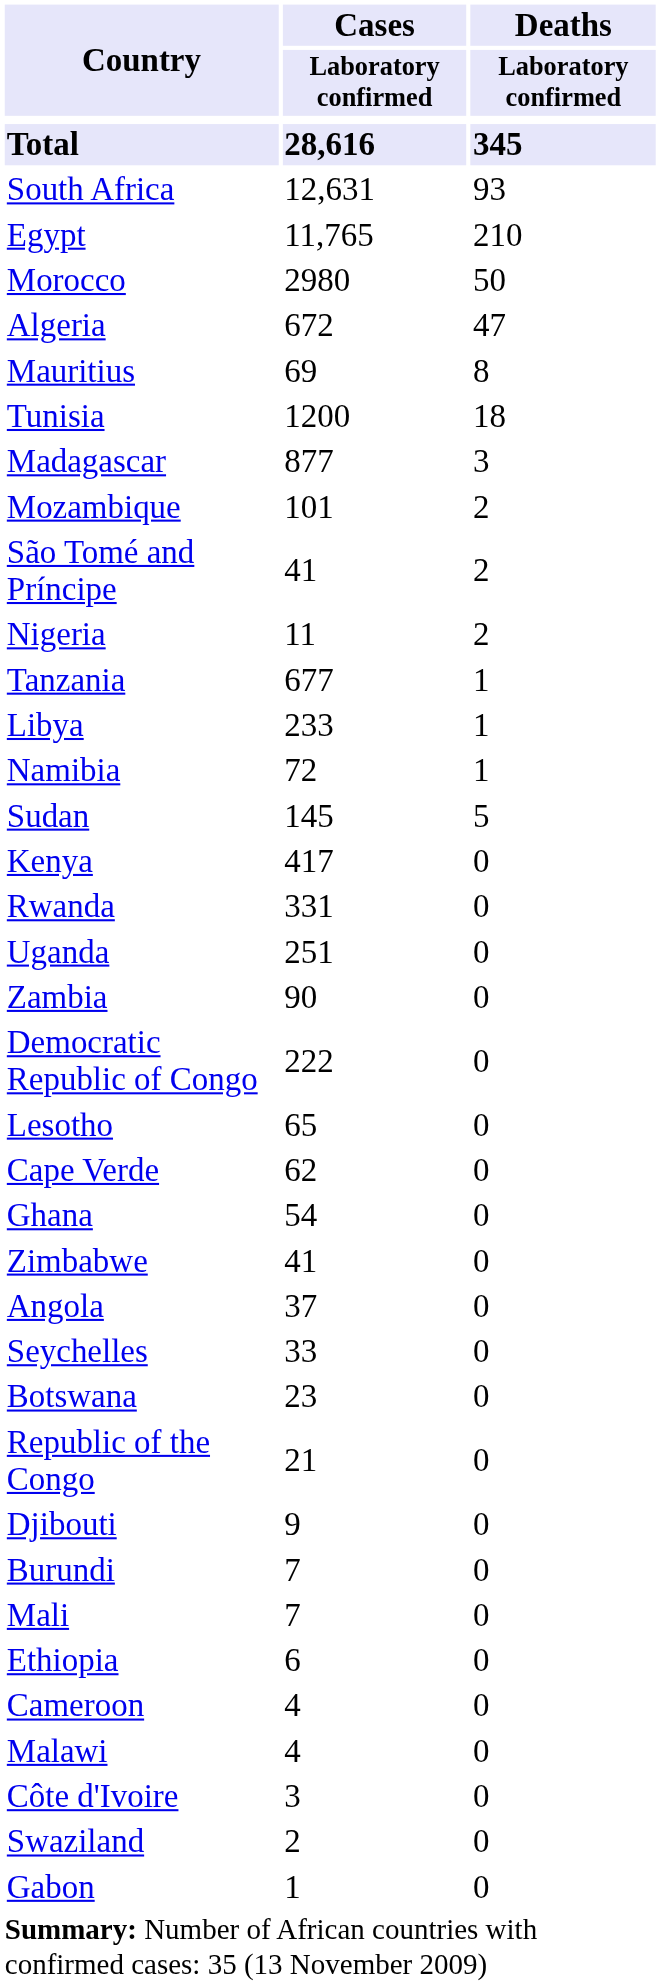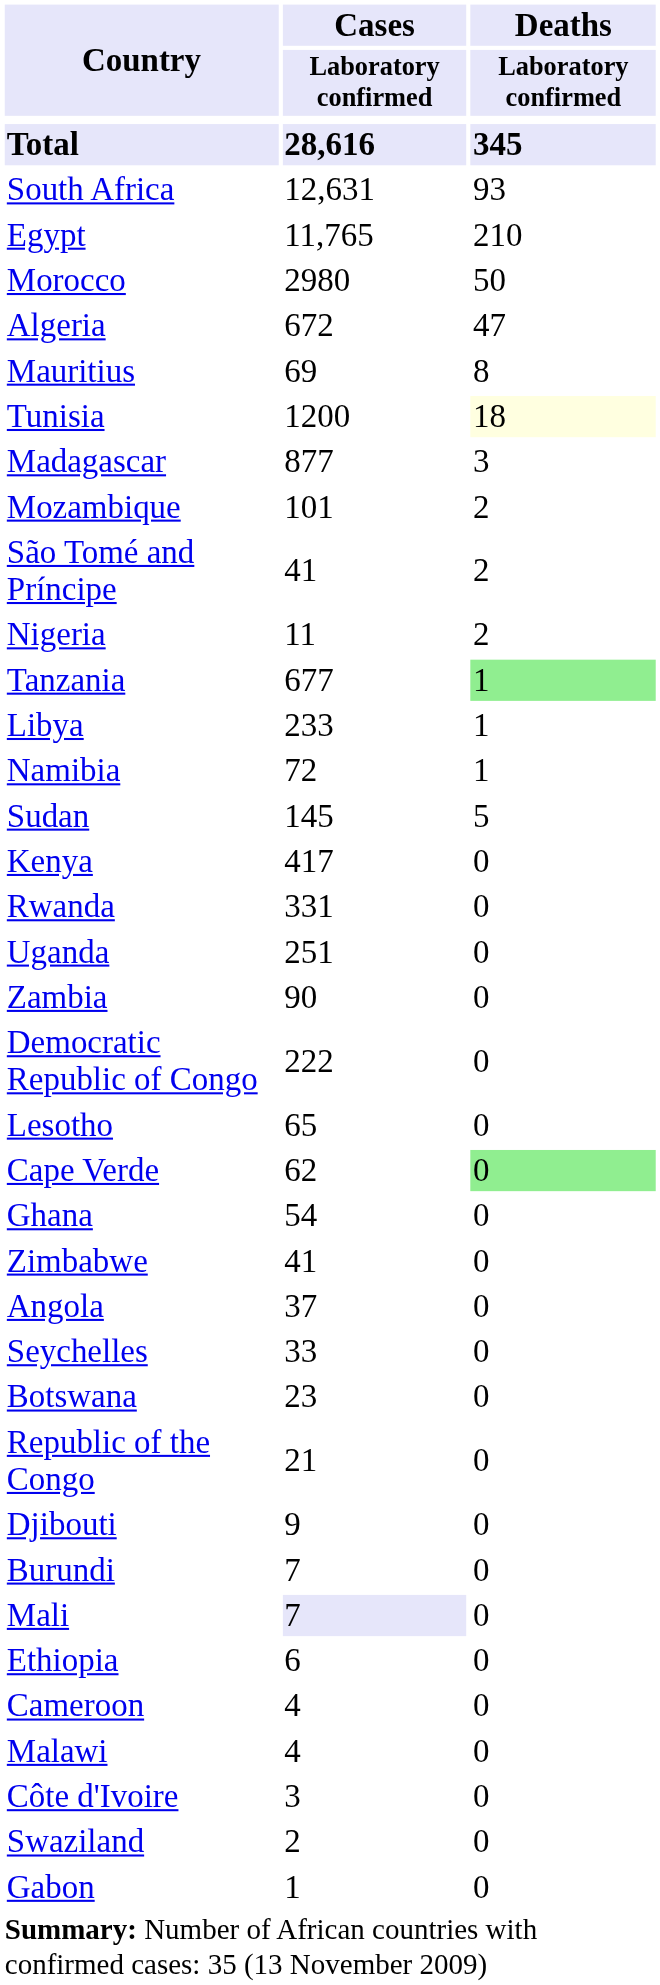 <table class="toccolours" style="float:right; clear:right; margin: 0.5em 0 0.5em 1em; width:20em">
 <tr style="background:lavender">
 <th rowspan="2">Country</th>
 <th>Cases</th>
 <th>Deaths</th>
 </tr>
 <tr style="background:lavender;font-size:80%">
 <th>Laboratory confirmed</th>
 <th>Laboratory confirmed</th>
 </tr>
 <tr>
 </tr>
 <tr style="font-weight:bold">
 <td style="background:lavender;">Total</td>
 <td style="background:lavender;">28,616</td>
 <td style="background:lavender;">345</td>
 </tr>
 <tr>
 <td style="text-align:left"><a href='#'>South Africa</a></td>
 <td>12,631</td>
 <td>93</td>
 </tr>
 <tr>
 <td style="text-align:left"><a href='#'>Egypt</a></td>
 <td>11,765</td>
 <td>210</td>
 </tr>
 <tr>
 <td style="text-align:left"><a href='#'>Morocco</a></td>
 <td>2980</td>
 <td>50</td>
 </tr>
 <tr>
 <td style="text-align:left"><a href='#'>Algeria</a></td>
 <td>672</td>
 <td>47</td>
 </tr>
 <tr>
 <td style="text-align:left"><a href='#'>Mauritius</a></td>
 <td>69</td>
 <td>8</td>
 </tr>
 <tr>
 <td style="text-align:left"><a href='#'>Tunisia</a></td>
 <td>1200</td>
-<td>18</td>
+<td style="background: lightyellow;">18</td>
 </tr>
 <tr>
 <td style="text-align:left"><a href='#'>Madagascar</a></td>
 <td>877</td>
 <td>3</td>
 </tr>
 <tr>
 <td style="text-align:left"><a href='#'>Mozambique</a></td>
 <td>101</td>
 <td>2</td>
 </tr>
 <tr>
 <td style="text-align:left"><a href='#'>São Tomé and Príncipe</a></td>
 <td>41</td>
 <td>2</td>
 </tr>
 <tr>
 <td style="text-align:left"><a href='#'>Nigeria</a></td>
 <td>11</td>
 <td>2</td>
 </tr>
 <tr>
 <td style="text-align:left"><a href='#'>Tanzania</a></td>
 <td>677</td>
-<td>1</td>
+<td style="background: lightgreen;">1</td>
 </tr>
 <tr>
 <td style="text-align:left"><a href='#'>Libya</a></td>
 <td>233</td>
 <td>1</td>
 </tr>
 <tr>
 <td style="text-align:left"><a href='#'>Namibia</a></td>
 <td>72</td>
 <td>1</td>
 </tr>
 <tr>
 <td style="text-align:left"><a href='#'>Sudan</a></td>
 <td>145</td>
 <td>5</td>
 </tr>
 <tr>
 <td style="text-align:left"><a href='#'>Kenya</a></td>
 <td>417</td>
 <td>0</td>
 </tr>
 <tr>
 <td style="text-align:left"><a href='#'>Rwanda</a></td>
 <td>331</td>
 <td>0</td>
 </tr>
 <tr>
 <td style="text-align:left"><a href='#'>Uganda</a></td>
 <td>251</td>
 <td>0</td>
 </tr>
 <tr>
 <td style="text-align:left"><a href='#'>Zambia</a></td>
 <td>90</td>
 <td>0</td>
 </tr>
 <tr>
 <td style="text-align:left"><a href='#'>Democratic Republic of Congo</a></td>
 <td>222</td>
 <td>0</td>
 </tr>
 <tr>
 <td style="text-align:left"><a href='#'>Lesotho</a></td>
 <td>65</td>
 <td>0</td>
 </tr>
 <tr>
 <td style="text-align:left"><a href='#'>Cape Verde</a></td>
 <td>62</td>
-<td>0</td>
+<td style="background: lightgreen;">0</td>
 </tr>
 <tr>
 <td style="text-align:left"><a href='#'>Ghana</a></td>
 <td>54</td>
 <td>0</td>
 </tr>
 <tr>
 <td style="text-align:left"><a href='#'>Zimbabwe</a></td>
 <td>41</td>
 <td>0</td>
 </tr>
 <tr>
 <td style="text-align:left"><a href='#'>Angola</a></td>
 <td>37</td>
 <td>0</td>
 </tr>
 <tr>
 <td style="text-align:left"><a href='#'>Seychelles</a></td>
 <td>33</td>
 <td>0</td>
 </tr>
 <tr>
 <td style="text-align:left"><a href='#'>Botswana</a></td>
 <td>23</td>
 <td>0</td>
 </tr>
 <tr>
 <td style="text-align:left"><a href='#'>Republic of the Congo</a></td>
 <td>21</td>
 <td>0</td>
 </tr>
 <tr>
 <td style="text-align:left"><a href='#'>Djibouti</a></td>
 <td>9</td>
 <td>0</td>
 </tr>
 <tr>
 <td style="text-align:left"><a href='#'>Burundi</a></td>
 <td>7</td>
 <td>0</td>
 </tr>
 <tr>
 <td style="text-align:left"><a href='#'>Mali</a></td>
-<td>7</td>
+<td style="background: lavender;">7</td>
 <td>0</td>
 </tr>
 <tr>
 <td style="text-align:left"><a href='#'>Ethiopia</a></td>
 <td>6</td>
 <td>0</td>
 </tr>
 <tr>
 <td style="text-align:left"><a href='#'>Cameroon</a></td>
 <td>4</td>
 <td>0</td>
 </tr>
 <tr>
 <td style="text-align:left"><a href='#'>Malawi</a></td>
 <td>4</td>
 <td>0</td>
 </tr>
 <tr>
 <td style="text-align:left"><a href='#'>Côte d'Ivoire</a></td>
 <td>3</td>
 <td>0</td>
 </tr>
 <tr>
 <td style="text-align:left"><a href='#'>Swaziland</a></td>
 <td>2</td>
 <td>0</td>
 </tr>
 <tr>
 <td style="text-align:left"><a href='#'>Gabon</a></td>
 <td>1</td>
 <td>0</td>
 </tr>
 <tr>
 <td colspan="4" style="padding: 0; margin: 0;text-align:left;font-size:88%;"><strong>Summary:</strong> Number of African countries with confirmed cases: 35 (13 November 2009)</td>
 </tr>
 </table>
